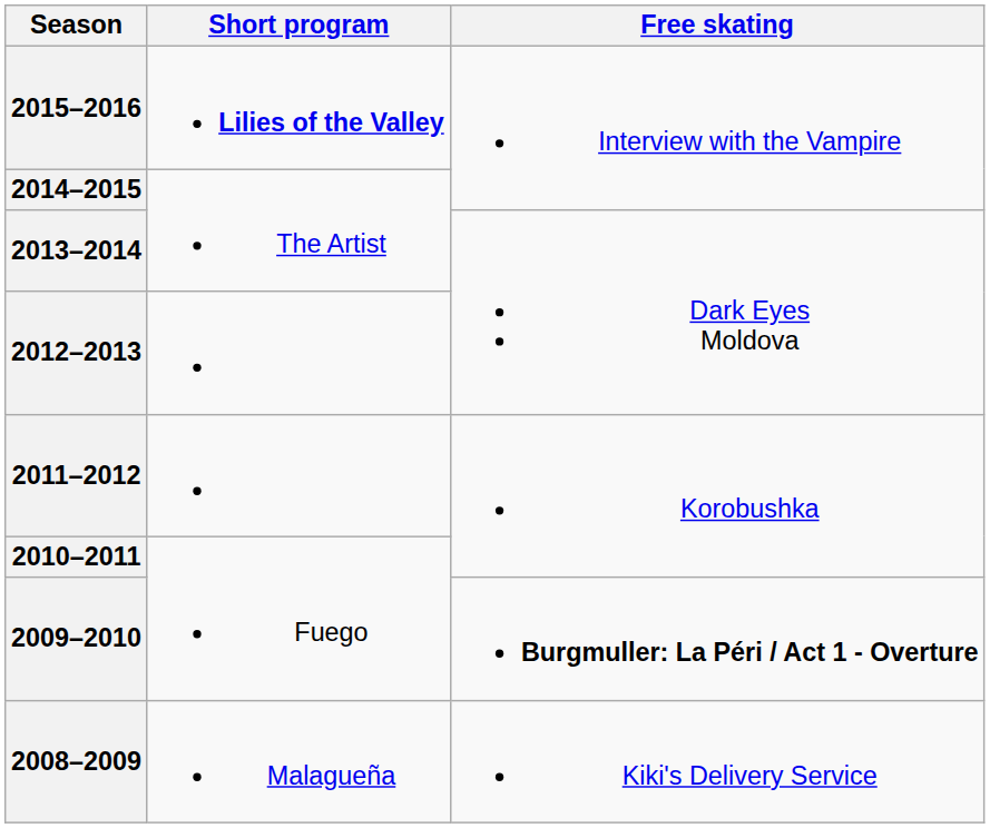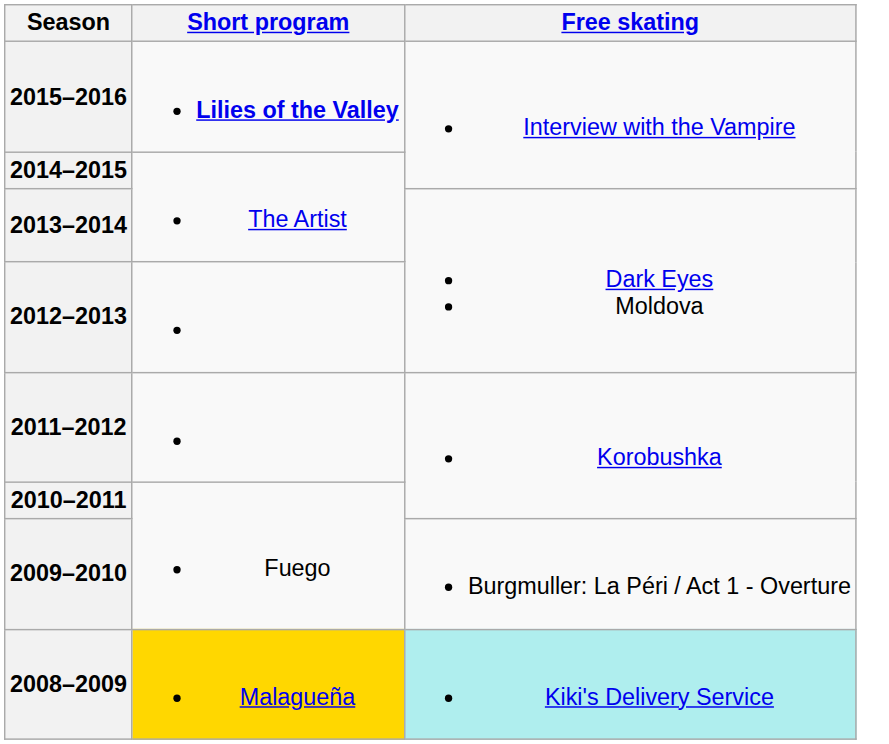 <table class="wikitable" style="text-align:center">
 <tr>
 <th>Season</th>
 <th><a href='#'>Short program</a></th>
 <th><a href='#'>Free skating</a></th>
 </tr>
 <tr>
 <th>2015–2016</th>
 <td><strong><br><ul><li><a href='#'>Lilies of the Valley</a> <br></li></ul></strong></td>
 <td rowspan=2><br><ul><li><a href='#'>Interview with the Vampire</a> <br></li></ul></td>
 </tr>
 <tr>
 <th>2014–2015</th>
 <td rowspan=2><br><ul><li><a href='#'>The Artist</a> <br></li></ul></td>
 </tr>
 <tr>
 <th>2013–2014<br></th>
 <td rowspan=2><br><ul><li><a href='#'>Dark Eyes</a></li><li>Moldova <br></li></ul></td>
 </tr>
 <tr>
 <th>2012–2013</th>
 <td><br><ul><li></li></ul></td>
 </tr>
 <tr>
 <th>2011–2012</th>
 <td><br><ul><li></li></ul></td>
 <td rowspan=2><br><ul><li><a href='#'>Korobushka</a> <br></li></ul></td>
 </tr>
 <tr>
 <th>2010–2011</th>
 <td rowspan=2><br><ul><li>Fuego <br></li></ul></td>
 </tr>
 <tr>
 <th>2009–2010</th>
-<td><strong><br><ul><li>Burgmuller: La Péri / Act 1 - Overture <br></li></ul></strong></td>
+<td><br><ul><li>Burgmuller: La Péri / Act 1 - Overture <br></li></ul></td>
 </tr>
 <tr>
 <th>2008–2009</th>
-<td><br><ul><li><a href='#'>Malagueña</a> <br></li></ul></td>
-<td><br><ul><li><a href='#'>Kiki's Delivery Service</a> <br></li></ul></td>
+<td style="background: gold;"><br><ul><li><a href='#'>Malagueña</a> <br></li></ul></td>
+<td style="background: paleturquoise;"><br><ul><li><a href='#'>Kiki's Delivery Service</a> <br></li></ul></td>
 </tr>
 </table>
